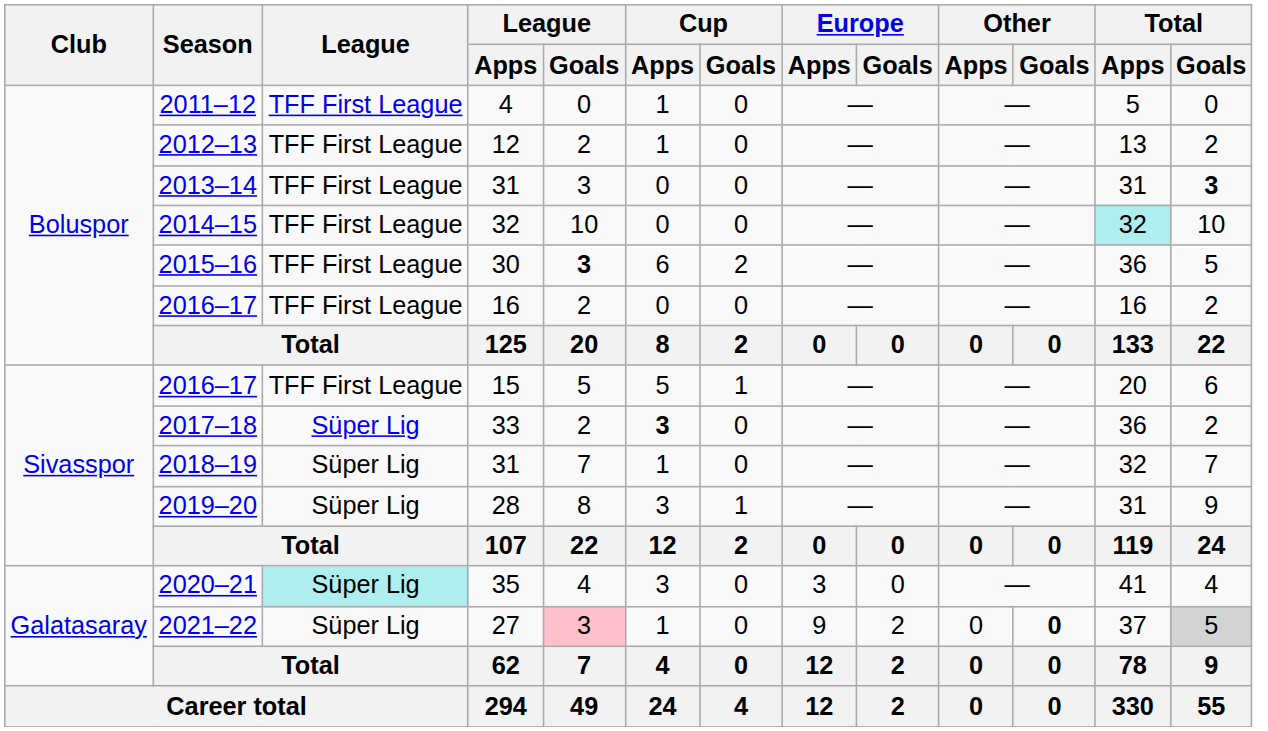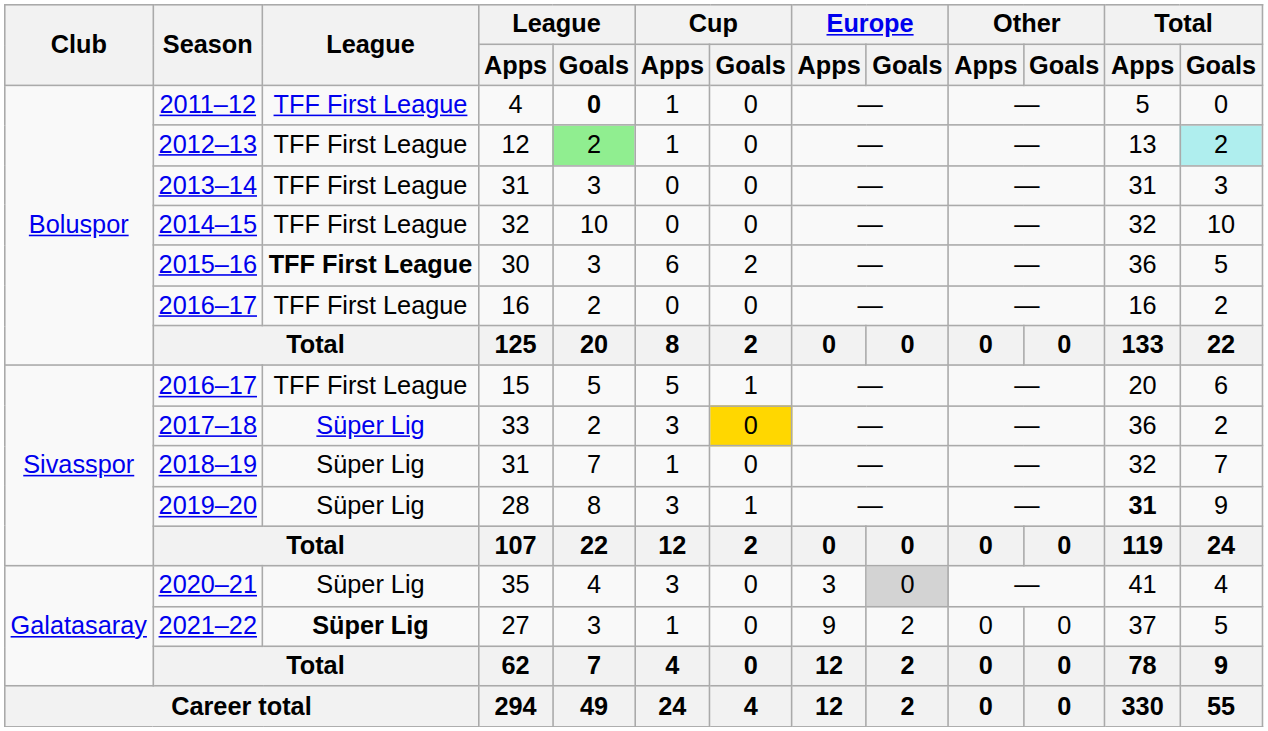 <table class="wikitable" style="text-align: center;">
 <tr>
 <th rowspan="2">Club</th>
 <th rowspan="2">Season</th>
 <th rowspan="2">League</th>
 <th colspan="2">League</th>
 <th colspan="2">Cup</th>
 <th colspan="2"><a href='#'>Europe</a></th>
 <th colspan="2">Other</th>
 <th colspan="2">Total</th>
 </tr>
 <tr>
 <th>Apps</th>
 <th>Goals</th>
 <th>Apps</th>
 <th>Goals</th>
 <th>Apps</th>
 <th>Goals</th>
 <th>Apps</th>
 <th>Goals</th>
 <th>Apps</th>
 <th>Goals</th>
 </tr>
 <tr>
 <td rowspan="7"><a href='#'>Boluspor</a></td>
 <td><a href='#'>2011–12</a></td>
 <td><a href='#'>TFF First League</a></td>
 <td>4</td>
-<td>0</td>
+<td><strong>0</strong></td>
 <td>1</td>
 <td>0</td>
 <td colspan="2">—</td>
 <td colspan="2">—</td>
 <td>5</td>
 <td>0</td>
 </tr>
 <tr>
 <td><a href='#'>2012–13</a></td>
 <td>TFF First League</td>
 <td>12</td>
-<td>2</td>
+<td style="background: lightgreen;">2</td>
 <td>1</td>
 <td>0</td>
 <td colspan="2">—</td>
 <td colspan="2">—</td>
 <td>13</td>
-<td>2</td>
+<td style="background: paleturquoise;">2</td>
 </tr>
 <tr>
 <td><a href='#'>2013–14</a></td>
 <td>TFF First League</td>
 <td>31</td>
 <td>3</td>
 <td>0</td>
 <td>0</td>
 <td colspan="2">—</td>
 <td colspan="2">—</td>
 <td>31</td>
-<td><strong>3</strong></td>
+<td>3</td>
 </tr>
 <tr>
 <td><a href='#'>2014–15</a></td>
 <td>TFF First League</td>
 <td>32</td>
 <td>10</td>
 <td>0</td>
 <td>0</td>
 <td colspan="2">—</td>
 <td colspan="2">—</td>
-<td style="background: paleturquoise;">32</td>
+<td>32</td>
 <td>10</td>
 </tr>
 <tr>
 <td><a href='#'>2015–16</a></td>
-<td>TFF First League</td>
+<td><strong>TFF First League</strong></td>
 <td>30</td>
-<td><strong>3</strong></td>
+<td>3</td>
 <td>6</td>
 <td>2</td>
 <td colspan="2">—</td>
 <td colspan="2">—</td>
 <td>36</td>
 <td>5</td>
 </tr>
 <tr>
 <td><a href='#'>2016–17</a></td>
 <td>TFF First League</td>
 <td>16</td>
 <td>2</td>
 <td>0</td>
 <td>0</td>
 <td colspan="2">—</td>
 <td colspan="2">—</td>
 <td>16</td>
 <td>2</td>
 </tr>
 <tr>
 <th colspan="2">Total</th>
 <th>125</th>
 <th>20</th>
 <th>8</th>
 <th>2</th>
 <th>0</th>
 <th>0</th>
 <th>0</th>
 <th>0</th>
 <th>133</th>
 <th>22</th>
 </tr>
 <tr>
 <td rowspan="5"><a href='#'>Sivasspor</a></td>
 <td><a href='#'>2016–17</a></td>
 <td>TFF First League</td>
 <td>15</td>
 <td>5</td>
 <td>5</td>
 <td>1</td>
 <td colspan="2">—</td>
 <td colspan="2">—</td>
 <td>20</td>
 <td>6</td>
 </tr>
 <tr>
 <td><a href='#'>2017–18</a></td>
 <td><a href='#'>Süper Lig</a></td>
 <td>33</td>
 <td>2</td>
-<td><strong>3</strong></td>
-<td>0</td>
+<td>3</td>
+<td style="background: gold;">0</td>
 <td colspan="2">—</td>
 <td colspan="2">—</td>
 <td>36</td>
 <td>2</td>
 </tr>
 <tr>
 <td><a href='#'>2018–19</a></td>
 <td>Süper Lig</td>
 <td>31</td>
 <td>7</td>
 <td>1</td>
 <td>0</td>
 <td colspan="2">—</td>
 <td colspan="2">—</td>
 <td>32</td>
 <td>7</td>
 </tr>
 <tr>
 <td><a href='#'>2019–20</a></td>
 <td>Süper Lig</td>
 <td>28</td>
 <td>8</td>
 <td>3</td>
 <td>1</td>
 <td colspan="2">—</td>
 <td colspan="2">—</td>
-<td>31</td>
+<td><strong>31</strong></td>
 <td>9</td>
 </tr>
 <tr>
 <th colspan="2">Total</th>
 <th>107</th>
 <th>22</th>
 <th>12</th>
 <th>2</th>
 <th>0</th>
 <th>0</th>
 <th>0</th>
 <th>0</th>
 <th>119</th>
 <th>24</th>
 </tr>
 <tr>
 <td rowspan="3"><a href='#'>Galatasaray</a></td>
 <td><a href='#'>2020–21</a></td>
-<td style="background: paleturquoise;">Süper Lig</td>
+<td>Süper Lig</td>
 <td>35</td>
 <td>4</td>
 <td>3</td>
 <td>0</td>
 <td>3</td>
-<td>0</td>
+<td style="background: lightgrey;">0</td>
 <td colspan="2">—</td>
 <td>41</td>
 <td>4</td>
 </tr>
 <tr>
 <td><a href='#'>2021–22</a></td>
-<td>Süper Lig</td>
+<td><strong>Süper Lig</strong></td>
 <td>27</td>
-<td style="background: pink;">3</td>
+<td>3</td>
 <td>1</td>
 <td>0</td>
 <td>9</td>
 <td>2</td>
 <td>0</td>
-<td><strong>0</strong></td>
+<td>0</td>
 <td>37</td>
-<td style="background: lightgrey;">5</td>
+<td>5</td>
 </tr>
 <tr>
 <th colspan="2">Total</th>
 <th>62</th>
 <th>7</th>
 <th>4</th>
 <th>0</th>
 <th>12</th>
 <th>2</th>
 <th>0</th>
 <th>0</th>
 <th>78</th>
 <th>9</th>
 </tr>
 <tr>
 <th colspan="3">Career total</th>
 <th>294</th>
 <th>49</th>
 <th>24</th>
 <th>4</th>
 <th>12</th>
 <th>2</th>
 <th>0</th>
 <th>0</th>
 <th>330</th>
 <th>55</th>
 </tr>
 </table>
